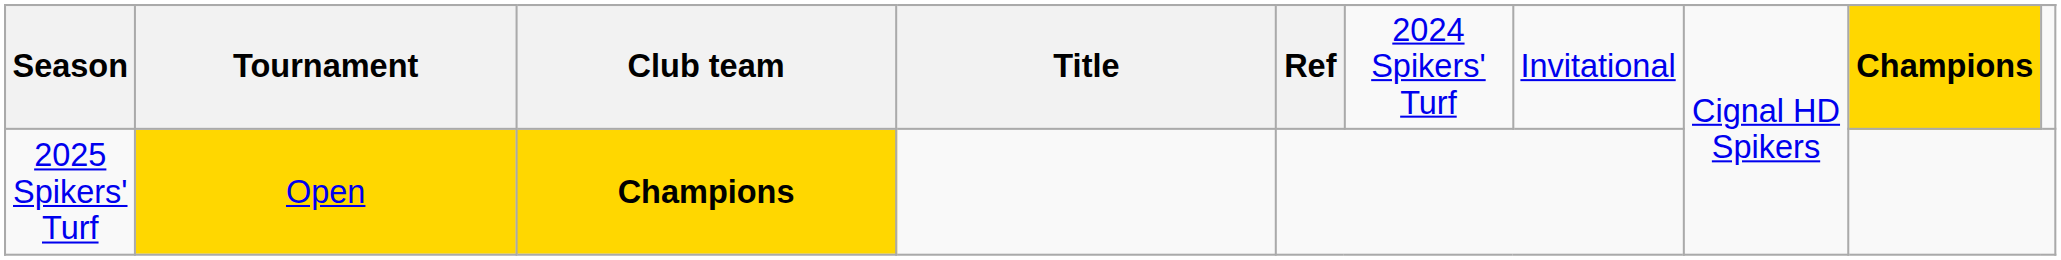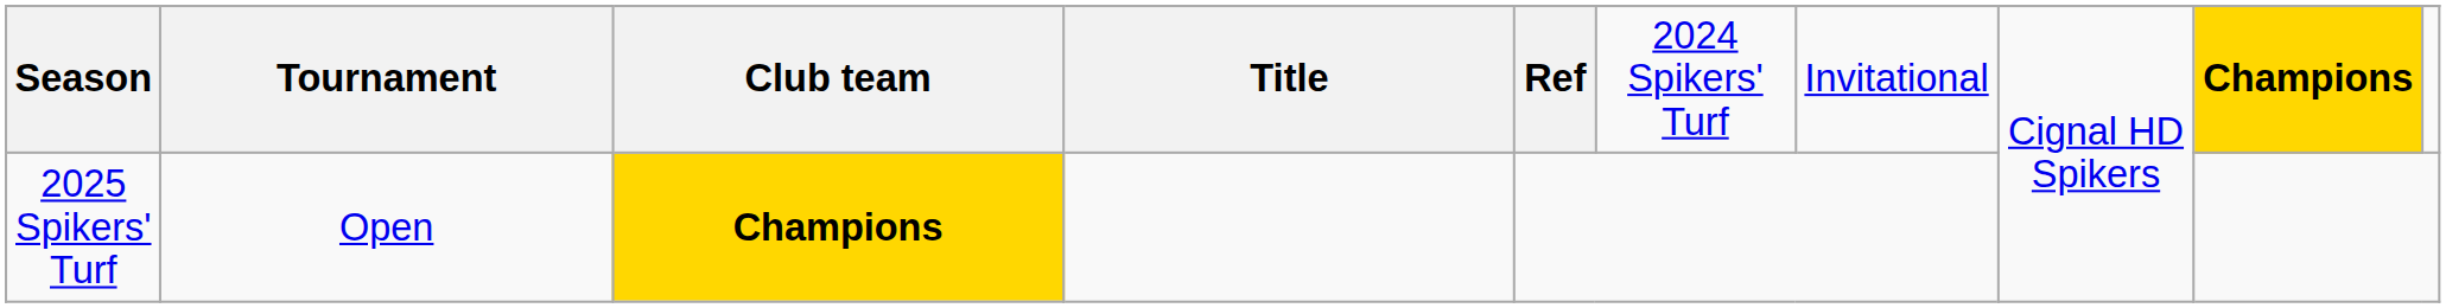 <table class="wikitable sortable" style="text-align:center" width="80%">
 <tr>
 <th style="width:25px;" rowspan="2">Season</th>
 <th style="width:180px;" rowspan="2">Tournament</th>
 <th style="width:180px;" rowspan="2">Club team</th>
 <th style="width:180px;" rowspan="2">Title</th>
 <th style="width:25px;" rowspan="2">Ref</th>
 </tr>
 <tr align=center>
 <td><a href='#'>2024 Spikers' Turf</a></td>
 <td><a href='#'>Invitational</a></td>
 <td rowspan=2><a href='#'>Cignal HD Spikers</a></td>
 <td style="background:gold;"><strong>Champions</strong></td>
 <td></td>
 </tr>
 <tr align=center>
 <td><a href='#'>2025 Spikers' Turf</a></td>
-<td style="background: gold;"><a href='#'>Open</a></td>
+<td><a href='#'>Open</a></td>
 <td style="background:gold;"><strong>Champions</strong></td>
 <td></td>
 </tr>
 </table>
